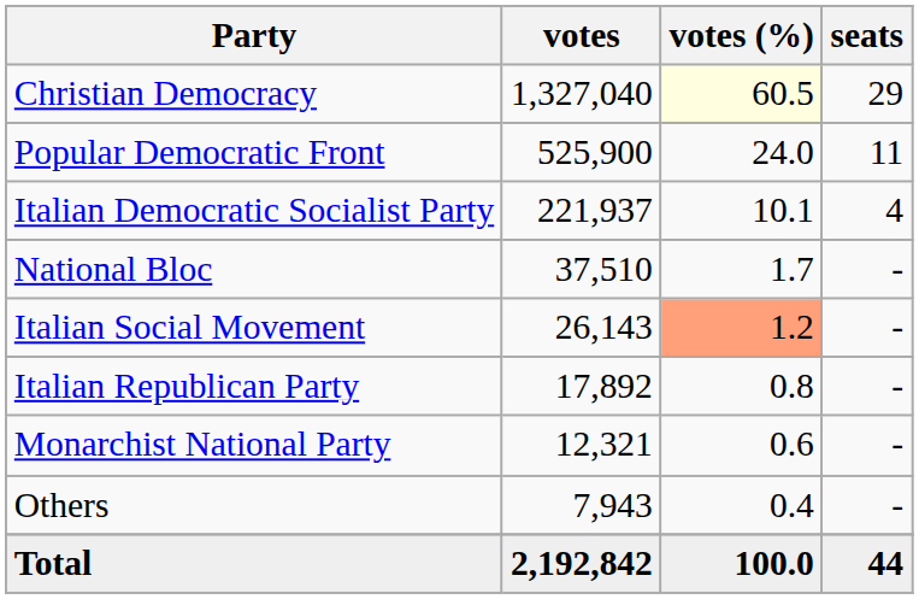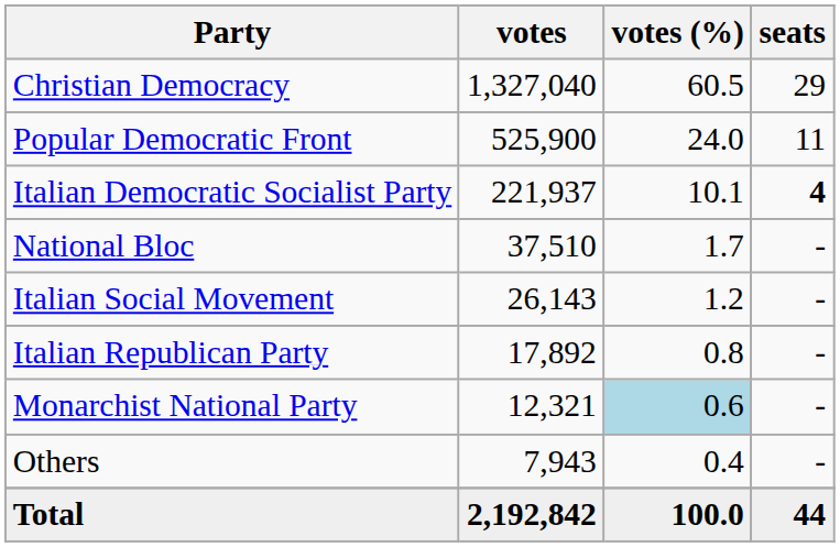 <table class="wikitable" style="font-size:95%">
 <tr bgcolor="EFEFEF">
 <th>Party</th>
 <th>votes</th>
 <th>votes (%)</th>
 <th>seats</th>
 </tr>
 <tr>
 <td><a href='#'>Christian Democracy</a></td>
 <td align=right>1,327,040</td>
-<td align=right style="background: lightyellow;">60.5</td>
+<td align=right>60.5</td>
 <td align=right>29</td>
 </tr>
 <tr>
 <td><a href='#'>Popular Democratic Front</a></td>
 <td align=right>525,900</td>
 <td align=right>24.0</td>
 <td align=right>11</td>
 </tr>
 <tr>
 <td><a href='#'>Italian Democratic Socialist Party</a></td>
 <td align=right>221,937</td>
 <td align=right>10.1</td>
-<td align=right>4</td>
+<td align=right><strong>4</strong></td>
 </tr>
 <tr>
 <td><a href='#'>National Bloc</a></td>
 <td align=right>37,510</td>
 <td align=right>1.7</td>
 <td align=right>-</td>
 </tr>
 <tr>
 <td><a href='#'>Italian Social Movement</a></td>
 <td align=right>26,143</td>
-<td align=right style="background: lightsalmon;">1.2</td>
+<td align=right>1.2</td>
 <td align=right>-</td>
 </tr>
 <tr>
 <td><a href='#'>Italian Republican Party</a></td>
 <td align=right>17,892</td>
 <td align=right>0.8</td>
 <td align=right>-</td>
 </tr>
 <tr>
 <td><a href='#'>Monarchist National Party</a></td>
 <td align=right>12,321</td>
-<td align=right>0.6</td>
+<td align=right style="background: lightblue;">0.6</td>
 <td align=right>-</td>
 </tr>
 <tr>
 <td>Others</td>
 <td align=right>7,943</td>
 <td align=right>0.4</td>
 <td align=right>-</td>
 </tr>
 <tr>
 </tr>
 <tr bgcolor="EFEFEF">
 <td><strong>Total</strong></td>
 <td align=right><strong>2,192,842</strong></td>
 <td align=right><strong>100.0</strong></td>
 <td align=right><strong>44</strong></td>
 </tr>
 </table>
